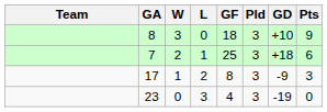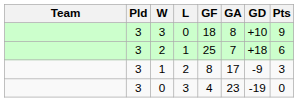 <table class="wikitable" style="text-align:center;">
 <tr>
 <th width=160>Team</th>
-<th width=25>GA</th>
+<th width=25>Pld</th>
 <th width=25>W</th>
 <th width=25>L</th>
 <th width=25>GF</th>
-<th width=25>Pld</th>
+<th width=25>GA</th>
 <th width=25>GD</th>
 <th width=25>Pts</th>
 </tr>
 <tr style="background:#ccffcc;">
 <td align=left></td>
-<td>8</td>
+<td>3</td>
 <td>3</td>
 <td>0</td>
 <td>18</td>
-<td>3</td>
+<td>8</td>
 <td>+10</td>
 <td>9</td>
 </tr>
 <tr style="background:#ccffcc;">
 <td align=left></td>
-<td>7</td>
+<td>3</td>
 <td>2</td>
 <td>1</td>
 <td>25</td>
-<td>3</td>
+<td>7</td>
 <td>+18</td>
 <td>6</td>
 </tr>
 <tr>
 <td align=left></td>
-<td>17</td>
+<td>3</td>
 <td>1</td>
 <td>2</td>
 <td>8</td>
-<td>3</td>
+<td>17</td>
 <td>-9</td>
 <td>3</td>
 </tr>
 <tr>
 <td align=left></td>
-<td>23</td>
+<td>3</td>
 <td>0</td>
 <td>3</td>
 <td>4</td>
-<td>3</td>
+<td>23</td>
 <td>-19</td>
 <td>0</td>
 </tr>
 </table>
